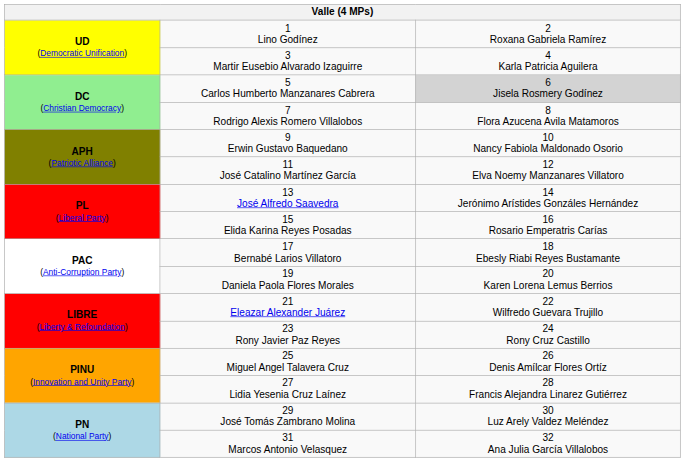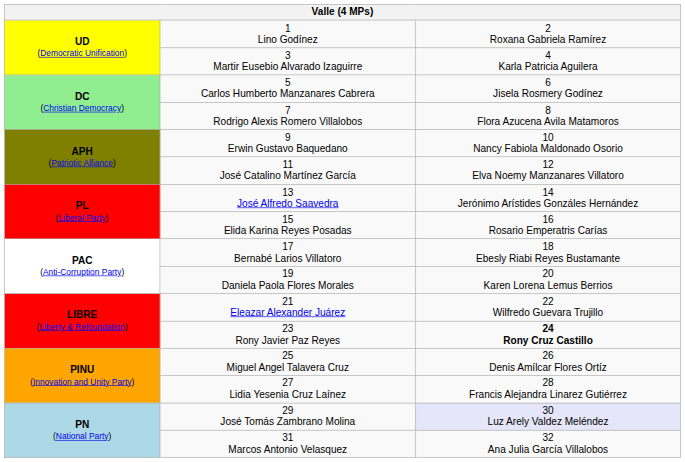 <table class="wikitable" align="center" style="width: 85%">
 <tr>
 <th colspan=24>Valle (4 MPs)</th>
 </tr>
 <tr align="center">
 <td bgcolor="yellow" rowspan=2><span><span><strong>UD</strong></span></span><br><small>(<a href='#'>Democratic Unification</a>)</small></td>
 <td>1<br>Lino Godínez</td>
 <td>2<br>Roxana Gabriela Ramírez</td>
 </tr>
 <tr align="center">
 <td>3<br>Martir Eusebio Alvarado Izaguirre</td>
 <td>4<br>Karla Patricia Aguilera</td>
 </tr>
 <tr align="center">
 <td bgcolor="lightgreen" rowspan=2><span><span><strong>DC</strong></span></span><br><small>(<a href='#'>Christian Democracy</a>)</small></td>
 <td>5<br>Carlos Humberto Manzanares Cabrera</td>
-<td style="background: lightgrey;">6<br>Jisela Rosmery Godínez</td>
+<td>6<br>Jisela Rosmery Godínez</td>
 </tr>
 <tr align="center">
 <td>7<br>Rodrigo Alexis Romero Villalobos</td>
 <td>8<br>Flora Azucena Avila Matamoros</td>
 </tr>
 <tr align="center">
 <td bgcolor="olive" rowspan=2><span><span><strong>APH</strong></span></span><br><small>(<a href='#'>Patriotic Alliance</a>)</small></td>
 <td>9<br>Erwin Gustavo Baquedano</td>
 <td>10<br>Nancy Fabiola Maldonado Osorio</td>
 </tr>
 <tr align="center">
 <td>11<br>José Catalino Martínez García</td>
 <td>12<br>Elva Noemy Manzanares Villatoro</td>
 </tr>
 <tr align="center">
 <td bgcolor="red" rowspan=2><span><span><strong>PL</strong></span></span><br><small>(<a href='#'>Liberal Party</a>)</small></td>
 <td>13<br><a href='#'>José Alfredo Saavedra</a></td>
 <td>14<br>Jerónimo Arístides Gonzáles Hernández</td>
 </tr>
 <tr align="center">
 <td>15<br>Elida Karina Reyes Posadas</td>
 <td>16<br>Rosario Emperatris Carías</td>
 </tr>
 <tr align="center">
 <td bgcolor="white" rowspan=2><span><span><strong>PAC</strong></span></span><br><small>(<a href='#'>Anti-Corruption Party</a>)</small></td>
 <td>17<br>Bernabé Larios Villatoro</td>
 <td>18<br>Ebesly Riabi Reyes Bustamante</td>
 </tr>
 <tr align="center">
 <td>19<br>Daniela Paola Flores Morales</td>
 <td>20<br>Karen Lorena Lemus Berrios</td>
 </tr>
 <tr align="center">
 <td bgcolor="red" rowspan=2><span><span><strong>LIBRE</strong></span></span><br><small>(<a href='#'>Liberty & Refoundation</a>)</small></td>
 <td>21<br><a href='#'>Eleazar Alexander Juárez</a></td>
 <td>22<br>Wilfredo Guevara Trujillo</td>
 </tr>
 <tr align="center">
 <td>23<br>Rony Javier Paz Reyes</td>
-<td>24<br>Rony Cruz Castillo</td>
+<td><strong>24<br>Rony Cruz Castillo</strong></td>
 </tr>
 <tr align="center">
 <td bgcolor="orange" rowspan=2><span><span><strong>PINU</strong></span></span><br><small>(<a href='#'>Innovation and Unity Party</a>)</small></td>
 <td>25<br>Miguel Angel Talavera Cruz</td>
 <td>26<br>Denis Amílcar Flores Ortíz</td>
 </tr>
 <tr align="center">
 <td>27<br>Lidia Yesenia Cruz Laínez</td>
 <td>28<br>Francis Alejandra Linarez Gutiérrez</td>
 </tr>
 <tr align="center">
 <td bgcolor="lightblue" rowspan=2><span><span><strong>PN</strong></span></span><br><small>(<a href='#'>National Party</a>)</small></td>
 <td>29<br>José Tomás Zambrano Molina</td>
-<td>30<br>Luz Arely Valdez Meléndez</td>
+<td style="background: lavender;">30<br>Luz Arely Valdez Meléndez</td>
 </tr>
 <tr align="center">
 <td>31<br>Marcos Antonio Velasquez</td>
 <td>32<br>Ana Julia García Villalobos</td>
 </tr>
 </table>
